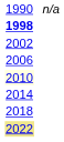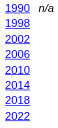 <table>
 <tr>
 <td><a href='#'>1990</a></td>
 <td> <em></em></td>
 <td> <em></em></td>
 <td><em>n/a</em></td>
 </tr>
 <tr>
-<td><strong><a href='#'>1998</a></strong></td>
+<td><a href='#'>1998</a></td>
 <td></td>
 <td></td>
 <td></td>
 </tr>
 <tr>
 <td><a href='#'>2002</a></td>
 <td></td>
 <td></td>
 <td></td>
 </tr>
 <tr>
 <td><a href='#'>2006</a></td>
 <td></td>
 <td></td>
 <td></td>
 </tr>
 <tr>
-<td style="background: lightyellow;"><a href='#'>2010</a></td>
+<td><a href='#'>2010</a></td>
 <td></td>
 <td></td>
 <td></td>
 </tr>
 <tr>
 <td><a href='#'>2014</a></td>
 <td></td>
 <td></td>
 <td></td>
 </tr>
 <tr>
 <td><a href='#'>2018</a></td>
 <td></td>
 <td></td>
 <td></td>
 </tr>
 <tr>
-<td style="background: khaki;"><a href='#'>2022</a></td>
+<td><a href='#'>2022</a></td>
 <td></td>
 <td></td>
 <td></td>
 </tr>
 </table>
